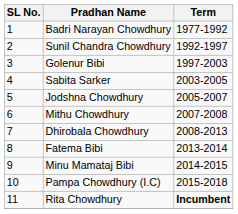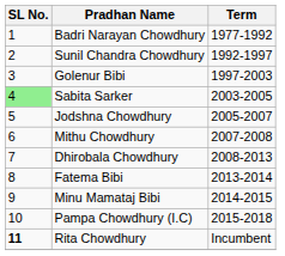 <table class=wikitable>
 <tr>
 <th>SL No.</th>
 <th>Pradhan Name</th>
 <th>Term</th>
 </tr>
 <tr>
 <td>1</td>
 <td>Badri Narayan Chowdhury</td>
 <td>1977-1992</td>
 </tr>
 <tr>
 <td>2</td>
 <td>Sunil Chandra Chowdhury</td>
 <td>1992-1997</td>
 </tr>
 <tr>
 <td>3</td>
 <td>Golenur Bibi</td>
 <td>1997-2003</td>
 </tr>
 <tr>
-<td>4</td>
+<td style="background: lightgreen;">4</td>
 <td>Sabita Sarker</td>
 <td>2003-2005</td>
 </tr>
 <tr>
 <td>5</td>
 <td>Jodshna Chowdhury</td>
 <td>2005-2007</td>
 </tr>
 <tr>
 <td>6</td>
 <td>Mithu Chowdhury</td>
 <td>2007-2008</td>
 </tr>
 <tr>
 <td>7</td>
 <td>Dhirobala Chowdhury</td>
 <td>2008-2013</td>
 </tr>
 <tr>
 <td>8</td>
 <td>Fatema Bibi</td>
 <td>2013-2014</td>
 </tr>
 <tr>
 <td>9</td>
 <td>Minu Mamataj Bibi</td>
 <td>2014-2015</td>
 </tr>
 <tr>
 <td>10</td>
 <td>Pampa Chowdhury (I.C)</td>
 <td>2015-2018</td>
 </tr>
 <tr>
-<td>11</td>
+<td><strong>11</strong></td>
 <td>Rita Chowdhury</td>
-<td><strong>Incumbent</strong></td>
+<td>Incumbent</td>
 </tr>
 <tr>
 </tr>
 </table>
